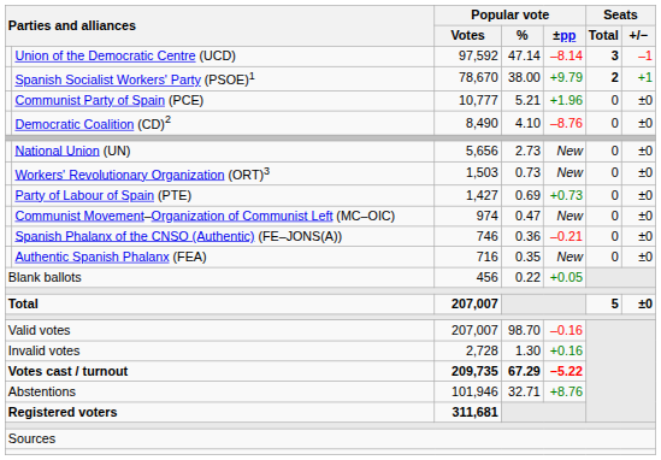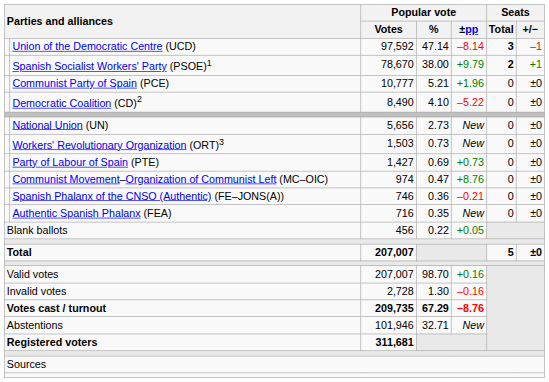 <table class="wikitable" style="text-align:right;">
 <tr>
 <th style="text-align:left;" rowspan="2" colspan="2" width="525">Parties and alliances</th>
 <th colspan="3">Popular vote</th>
 <th colspan="2">Seats</th>
 </tr>
 <tr>
 <th width="75">Votes</th>
 <th width="45">%</th>
 <th width="45">±<a href='#'>pp</a></th>
 <th width="35">Total</th>
 <th width="35">+/−</th>
 </tr>
 <tr>
 <td width="1" style="color:inherit;background:"></td>
 <td align="left"><a href='#'>Union of the Democratic Centre</a> (UCD)</td>
 <td>97,592</td>
 <td>47.14</td>
 <td style="color:red;">–8.14</td>
 <td><strong>3</strong></td>
 <td style="color:red;">–1</td>
 </tr>
 <tr>
 <td style="color:inherit;background:"></td>
 <td align="left"><a href='#'>Spanish Socialist Workers' Party</a> (PSOE)<sup>1</sup></td>
 <td>78,670</td>
 <td>38.00</td>
 <td style="color:green;">+9.79</td>
 <td><strong>2</strong></td>
 <td style="color:green;">+1</td>
 </tr>
 <tr>
 <td style="color:inherit;background:"></td>
 <td align="left"><a href='#'>Communist Party of Spain</a> (PCE)</td>
 <td>10,777</td>
 <td>5.21</td>
 <td style="color:green;">+1.96</td>
 <td>0</td>
 <td>±0</td>
 </tr>
 <tr>
 <td style="color:inherit;background:"></td>
 <td align="left"><a href='#'>Democratic Coalition</a> (CD)<sup>2</sup></td>
 <td>8,490</td>
 <td>4.10</td>
-<td style="color:red;">–8.76</td>
+<td style="color:red;">–5.22</td>
 <td>0</td>
 <td>±0</td>
 </tr>
 <tr>
 <td colspan="7" bgcolor="#C0C0C0"></td>
 </tr>
 <tr>
 <td style="color:inherit;background:"></td>
 <td align="left"><a href='#'>National Union</a> (UN)</td>
 <td>5,656</td>
 <td>2.73</td>
 <td><em>New</em></td>
 <td>0</td>
 <td>±0</td>
 </tr>
 <tr>
 <td style="color:inherit;background:"></td>
 <td align="left"><a href='#'>Workers' Revolutionary Organization</a> (ORT)<sup>3</sup></td>
 <td>1,503</td>
 <td>0.73</td>
 <td><em>New</em></td>
 <td>0</td>
 <td>±0</td>
 </tr>
 <tr>
 <td style="color:inherit;background:"></td>
 <td align="left"><a href='#'>Party of Labour of Spain</a> (PTE)</td>
 <td>1,427</td>
 <td>0.69</td>
 <td style="color:green;">+0.73</td>
 <td>0</td>
 <td>±0</td>
 </tr>
 <tr>
 <td style="color:inherit;background:"></td>
 <td align="left"><a href='#'>Communist Movement</a>–<a href='#'>Organization of Communist Left</a> (MC–OIC)</td>
 <td>974</td>
 <td>0.47</td>
-<td><em>New</em></td>
+<td style="color:green;">+8.76</td>
 <td>0</td>
 <td>±0</td>
 </tr>
 <tr>
 <td style="color:inherit;background:"></td>
 <td align="left"><a href='#'>Spanish Phalanx of the CNSO (Authentic)</a> (FE–JONS(A))</td>
 <td>746</td>
 <td>0.36</td>
 <td style="color:red;">–0.21</td>
 <td>0</td>
 <td>±0</td>
 </tr>
 <tr>
 <td style="color:inherit;background:"></td>
 <td align="left"><a href='#'>Authentic Spanish Phalanx</a> (FEA)</td>
 <td>716</td>
 <td>0.35</td>
 <td><em>New</em></td>
 <td>0</td>
 <td>±0</td>
 </tr>
 <tr>
 <td align="left" colspan="2">Blank ballots</td>
 <td>456</td>
 <td>0.22</td>
 <td style="color:green;">+0.05</td>
 <td bgcolor="#E9E9E9" colspan="2"></td>
 </tr>
 <tr>
 <td colspan="7" bgcolor="#E9E9E9"></td>
 </tr>
 <tr style="font-weight:bold;">
 <td align="left" colspan="2">Total</td>
 <td>207,007</td>
 <td bgcolor="#E9E9E9" colspan="2"></td>
 <td>5</td>
 <td>±0</td>
 </tr>
 <tr>
 <td colspan="7" bgcolor="#E9E9E9"></td>
 </tr>
 <tr>
 <td align="left" colspan="2">Valid votes</td>
 <td>207,007</td>
 <td>98.70</td>
-<td style="color:red;">–0.16</td>
+<td style="color:green;">+0.16</td>
 <td bgcolor="#E9E9E9" colspan="2" rowspan="5"></td>
 </tr>
 <tr>
 <td align="left" colspan="2">Invalid votes</td>
 <td>2,728</td>
 <td>1.30</td>
-<td style="color:green;">+0.16</td>
+<td style="color:red;">–0.16</td>
 </tr>
 <tr style="font-weight:bold;">
 <td align="left" colspan="2">Votes cast / turnout</td>
 <td>209,735</td>
 <td>67.29</td>
-<td style="color:red;">–5.22</td>
+<td style="color:red;">–8.76</td>
 </tr>
 <tr>
 <td align="left" colspan="2">Abstentions</td>
 <td>101,946</td>
 <td>32.71</td>
-<td style="color:green;">+8.76</td>
+<td><em>New</em></td>
 </tr>
 <tr style="font-weight:bold;">
 <td align="left" colspan="2">Registered voters</td>
 <td>311,681</td>
 <td bgcolor="#E9E9E9" colspan="2"></td>
 </tr>
 <tr>
 <td colspan="7" bgcolor="#E9E9E9"></td>
 </tr>
 <tr>
 <td align="left" colspan="7">Sources</td>
 </tr>
 <tr>
 <td colspan="7" style="text-align:left; max-width:790px;"></td>
 </tr>
 </table>
